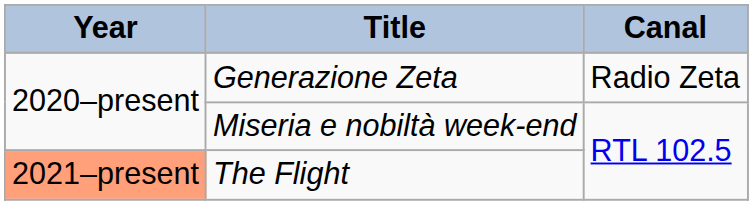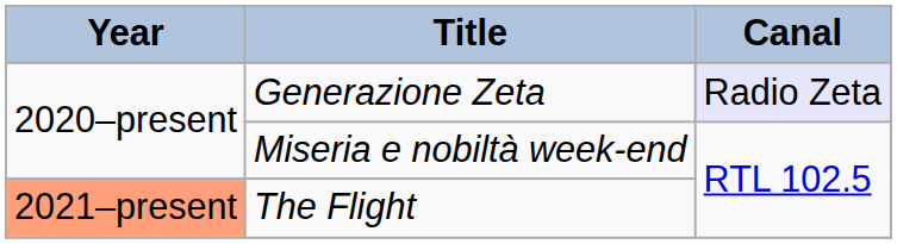 <table class="wikitable">
 <tr>
 <th style="background:#B0C4DE;">Year</th>
 <th style="background:#B0C4DE;">Title</th>
 <th style="background:#B0C4DE;">Canal</th>
 </tr>
 <tr>
 <td rowspan="2">2020–present</td>
 <td><em>Generazione Zeta</em></td>
-<td>Radio Zeta</td>
+<td style="background: lavender;">Radio Zeta</td>
 </tr>
 <tr>
 <td><em>Miseria e nobiltà week-end</em></td>
 <td rowspan="2"><a href='#'>RTL 102.5</a></td>
 </tr>
 <tr>
 <td style="background: lightsalmon;">2021–present</td>
 <td><em>The Flight</em></td>
 </tr>
 </table>
